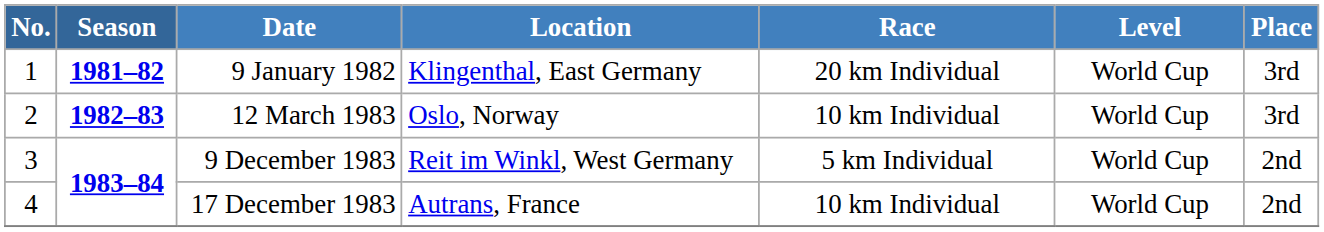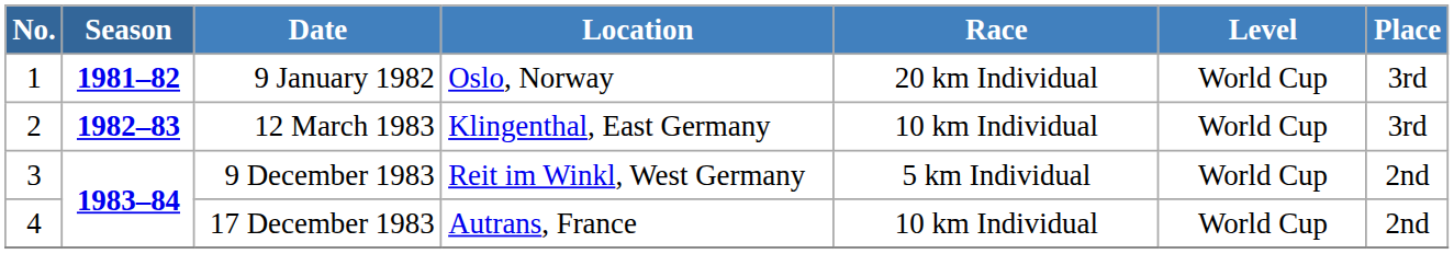 <table class="wikitable sortable" style="font-size:95%; text-align:center; border:grey solid 1px; border-collapse:collapse; background:#ffffff;">
 <tr style="background:#efefef;">
 <th style="background-color:#369; color:white;">No.</th>
 <th style="background-color:#369; color:white;">Season</th>
 <th style="background-color:#4180be; color:white; width:120px;">Date</th>
 <th style="background-color:#4180be; color:white; width:195px;">Location</th>
 <th style="background-color:#4180be; color:white; width:160px;">Race</th>
 <th style="background-color:#4180be; color:white; width:100px;">Level</th>
 <th style="background-color:#4180be; color:white;">Place</th>
 </tr>
 <tr>
 <td align=center>1</td>
 <td rowspan=1 align=center><strong> <a href='#'>1981–82</a> </strong></td>
 <td align=right>9 January 1982</td>
-<td align=left> <a href='#'>Klingenthal</a>, East Germany</td>
+<td align=left> <a href='#'>Oslo</a>, Norway</td>
 <td>20 km Individual</td>
 <td>World Cup</td>
 <td>3rd</td>
 </tr>
 <tr>
 <td align=center>2</td>
 <td rowspan=1 align=center><strong> <a href='#'>1982–83</a> </strong></td>
 <td align=right>12 March 1983</td>
-<td align=left> <a href='#'>Oslo</a>, Norway</td>
+<td align=left> <a href='#'>Klingenthal</a>, East Germany</td>
 <td>10 km Individual</td>
 <td>World Cup</td>
 <td>3rd</td>
 </tr>
 <tr>
 <td align=center>3</td>
 <td rowspan=2 align=center><strong> <a href='#'>1983–84</a> </strong></td>
 <td align=right>9 December 1983</td>
 <td align=left> <a href='#'>Reit im Winkl</a>, West Germany</td>
 <td>5 km Individual</td>
 <td>World Cup</td>
 <td>2nd</td>
 </tr>
 <tr>
 <td align=center>4</td>
 <td align=right>17 December 1983</td>
 <td align=left> <a href='#'>Autrans</a>, France</td>
 <td>10 km Individual</td>
 <td>World Cup</td>
 <td>2nd</td>
 </tr>
 <tr>
 </tr>
 </table>
